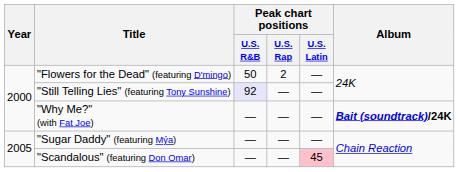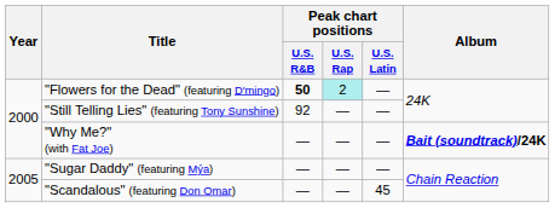 <table class="wikitable" border="1">
 <tr>
 <th align=center rowspan=2>Year</th>
 <th align=center rowspan=2>Title</th>
 <th align=center colspan=3>Peak chart positions</th>
 <th align=center rowspan=2>Album</th>
 </tr>
 <tr>
 <th align=center width=40><small><a href='#'>U.S. R&B</a></small></th>
 <th align=center width=40><small><a href='#'>U.S. Rap</a></small></th>
 <th align=center width=40><small><a href='#'>U.S. Latin</a></small></th>
 </tr>
 <tr>
 <td align=center rowspan=3>2000</td>
 <td align=left>"Flowers for the Dead" <small>(featuring <a href='#'>D'mingo</a>)</small></td>
-<td align=center>50</td>
-<td align=center>2</td>
+<td align=center><strong>50</strong></td>
+<td align=center style="background: paleturquoise;">2</td>
 <td align=center>—</td>
 <td rowspan="2" align="left"><em>24K</em></td>
 </tr>
 <tr>
 <td align=left>"Still Telling Lies" <small>(featuring <a href='#'>Tony Sunshine</a>)</small></td>
-<td align=center style="background: lavender;">92</td>
+<td align=center>92</td>
 <td align=center>—</td>
 <td align=center>—</td>
 </tr>
 <tr>
 <td align=left>"Why Me?"<br><small>(with <a href='#'>Fat Joe</a>)</small></td>
 <td align=center>—</td>
 <td align=center>—</td>
 <td align=center>—</td>
 <td><strong><a href='#'><em>Bait (soundtrack)</em></a>/24K</strong></td>
 </tr>
 <tr>
 <td align=center rowspan=2>2005</td>
 <td align=left>"Sugar Daddy" <small>(featuring <a href='#'>Mýa</a>)</small></td>
 <td align=center>—</td>
 <td align=center>—</td>
 <td align=center>—</td>
 <td align=left rowspan=2><em><a href='#'>Chain Reaction</a></em></td>
 </tr>
 <tr>
 <td align=left>"Scandalous" <small>(featuring <a href='#'>Don Omar</a>)</small></td>
 <td align=center>—</td>
 <td align=center>—</td>
-<td align=center style="background: pink;">45</td>
+<td align=center>45</td>
 </tr>
 </table>
